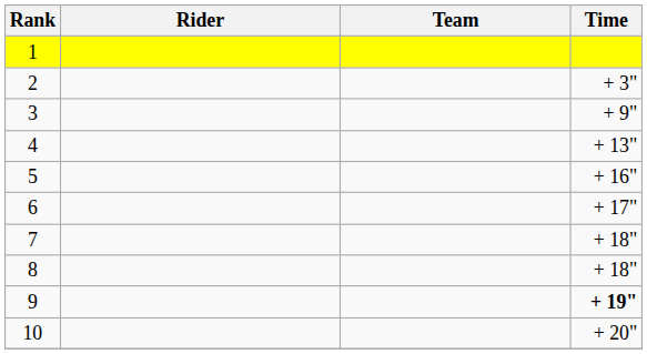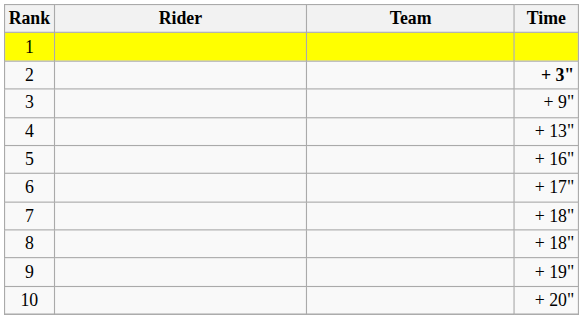 <table class="wikitable">
 <tr>
 <th width="8">Rank</th>
 <th width="220">Rider</th>
 <th width="180">Team</th>
 <th width="50">Time</th>
 </tr>
 <tr bgcolor=Yellow>
 <td style="text-align:center;">1</td>
 <td>  </td>
 <td></td>
 <td align="right"></td>
 </tr>
 <tr>
 <td style="text-align:center;">2</td>
 <td></td>
 <td></td>
-<td align="right">+ 3"</td>
+<td align="right"><strong>+ 3"</strong></td>
 </tr>
 <tr>
 <td style="text-align:center;">3</td>
 <td></td>
 <td></td>
 <td align="right">+ 9"</td>
 </tr>
 <tr>
 <td style="text-align:center;">4</td>
 <td></td>
 <td></td>
 <td align="right">+ 13"</td>
 </tr>
 <tr>
 <td style="text-align:center;">5</td>
 <td></td>
 <td></td>
 <td align="right">+ 16"</td>
 </tr>
 <tr>
 <td style="text-align:center;">6</td>
 <td></td>
 <td></td>
 <td align="right">+ 17"</td>
 </tr>
 <tr>
 <td style="text-align:center;">7</td>
 <td></td>
 <td></td>
 <td align="right">+ 18"</td>
 </tr>
 <tr>
 <td style="text-align:center;">8</td>
 <td></td>
 <td></td>
 <td align="right">+ 18"</td>
 </tr>
 <tr>
 <td style="text-align:center;">9</td>
 <td></td>
 <td></td>
-<td align="right"><strong>+ 19"</strong></td>
+<td align="right">+ 19"</td>
 </tr>
 <tr>
 <td style="text-align:center;">10</td>
 <td></td>
 <td></td>
 <td align="right">+ 20"</td>
 </tr>
 <tr>
 </tr>
 </table>
